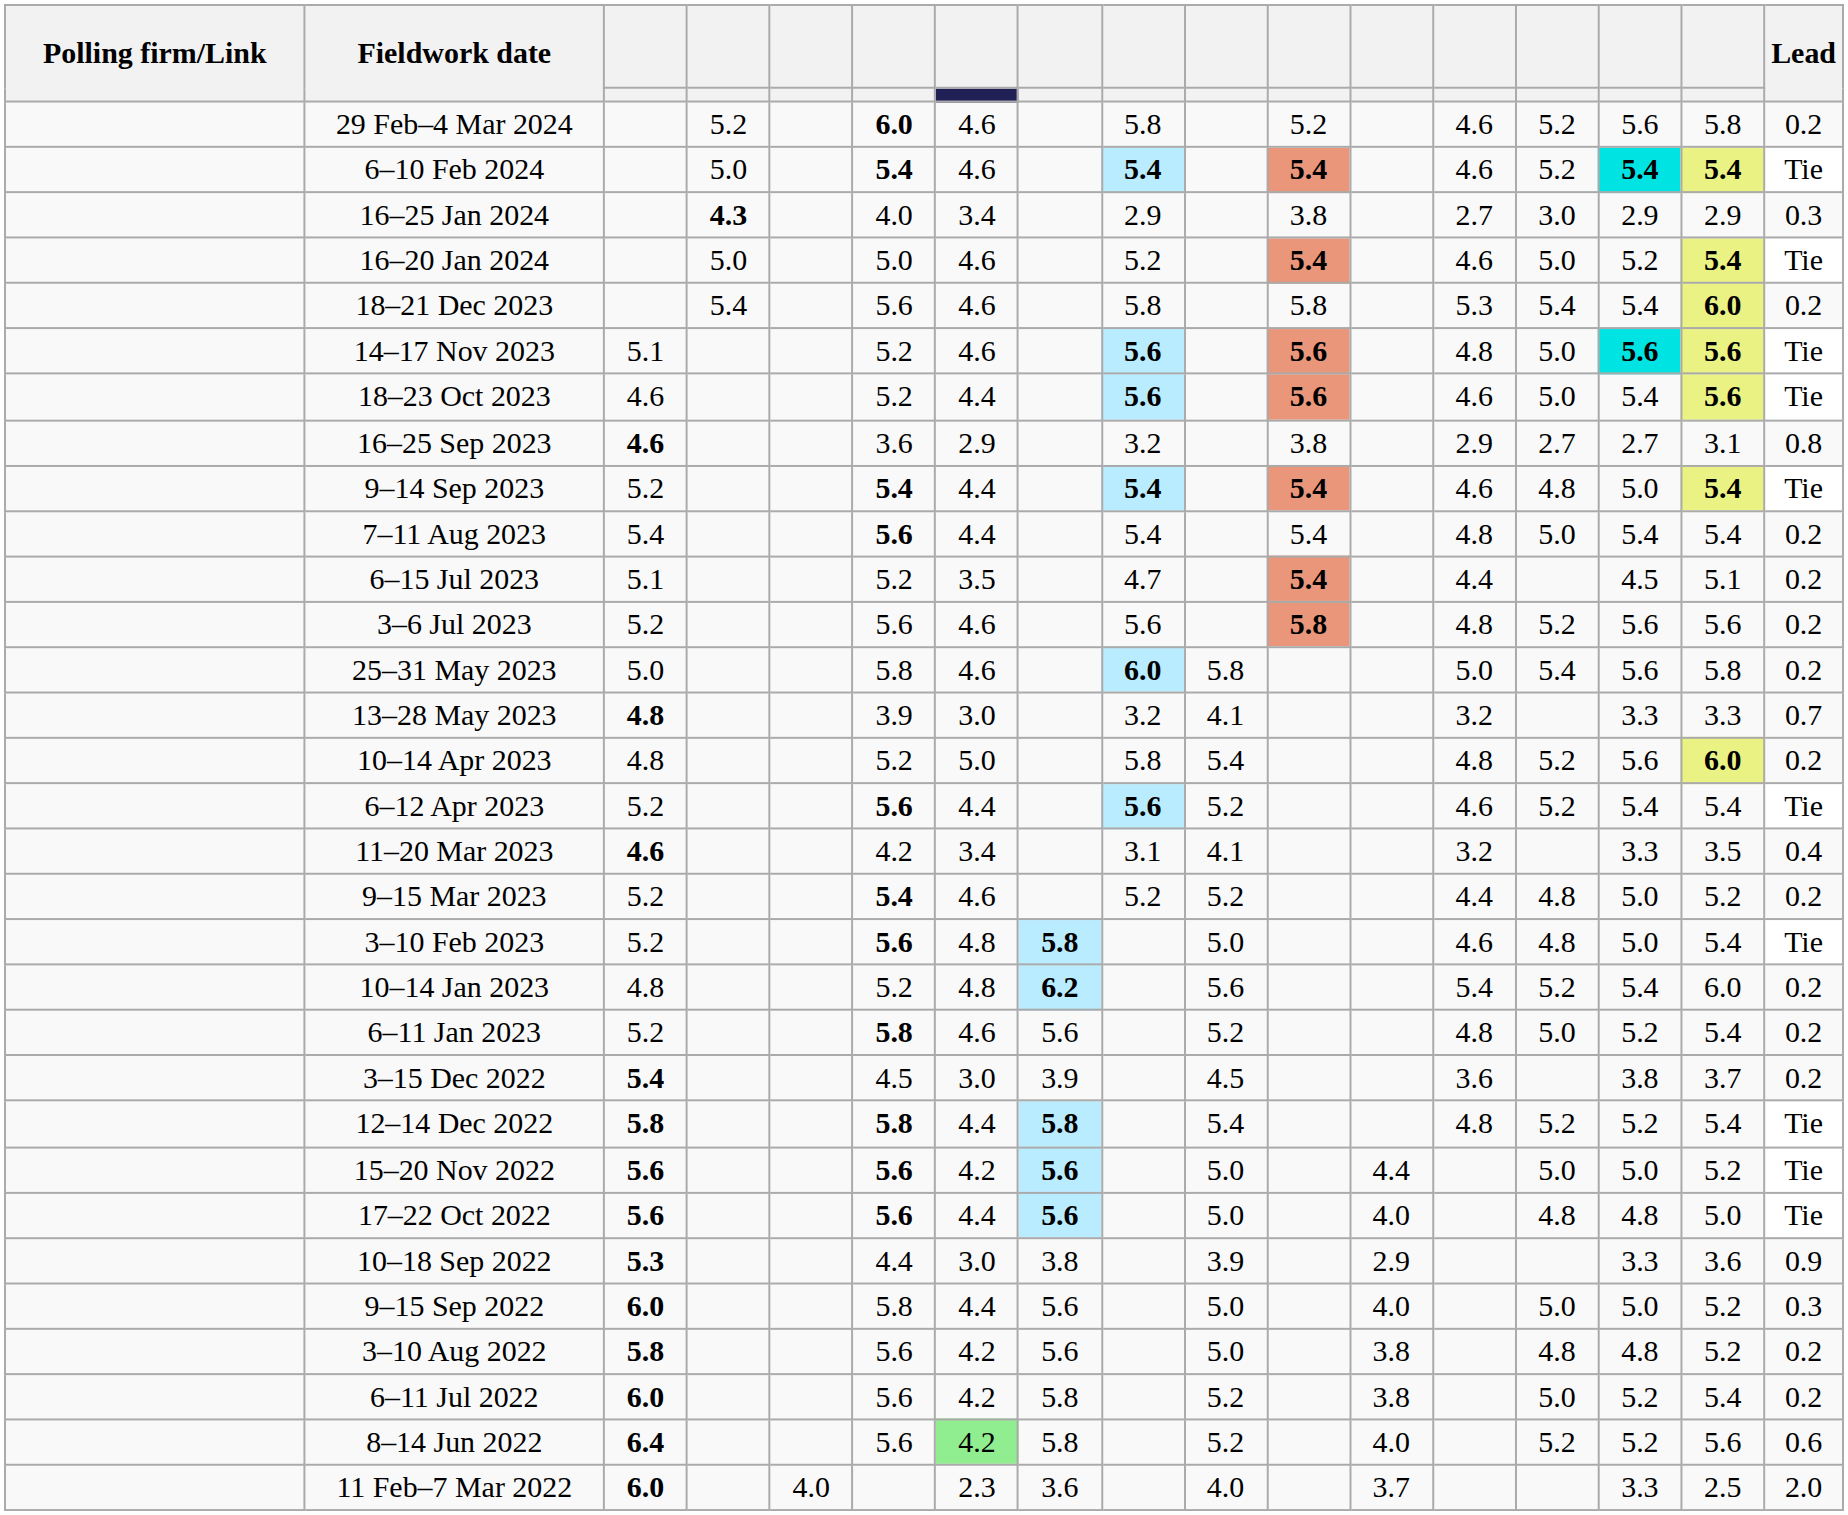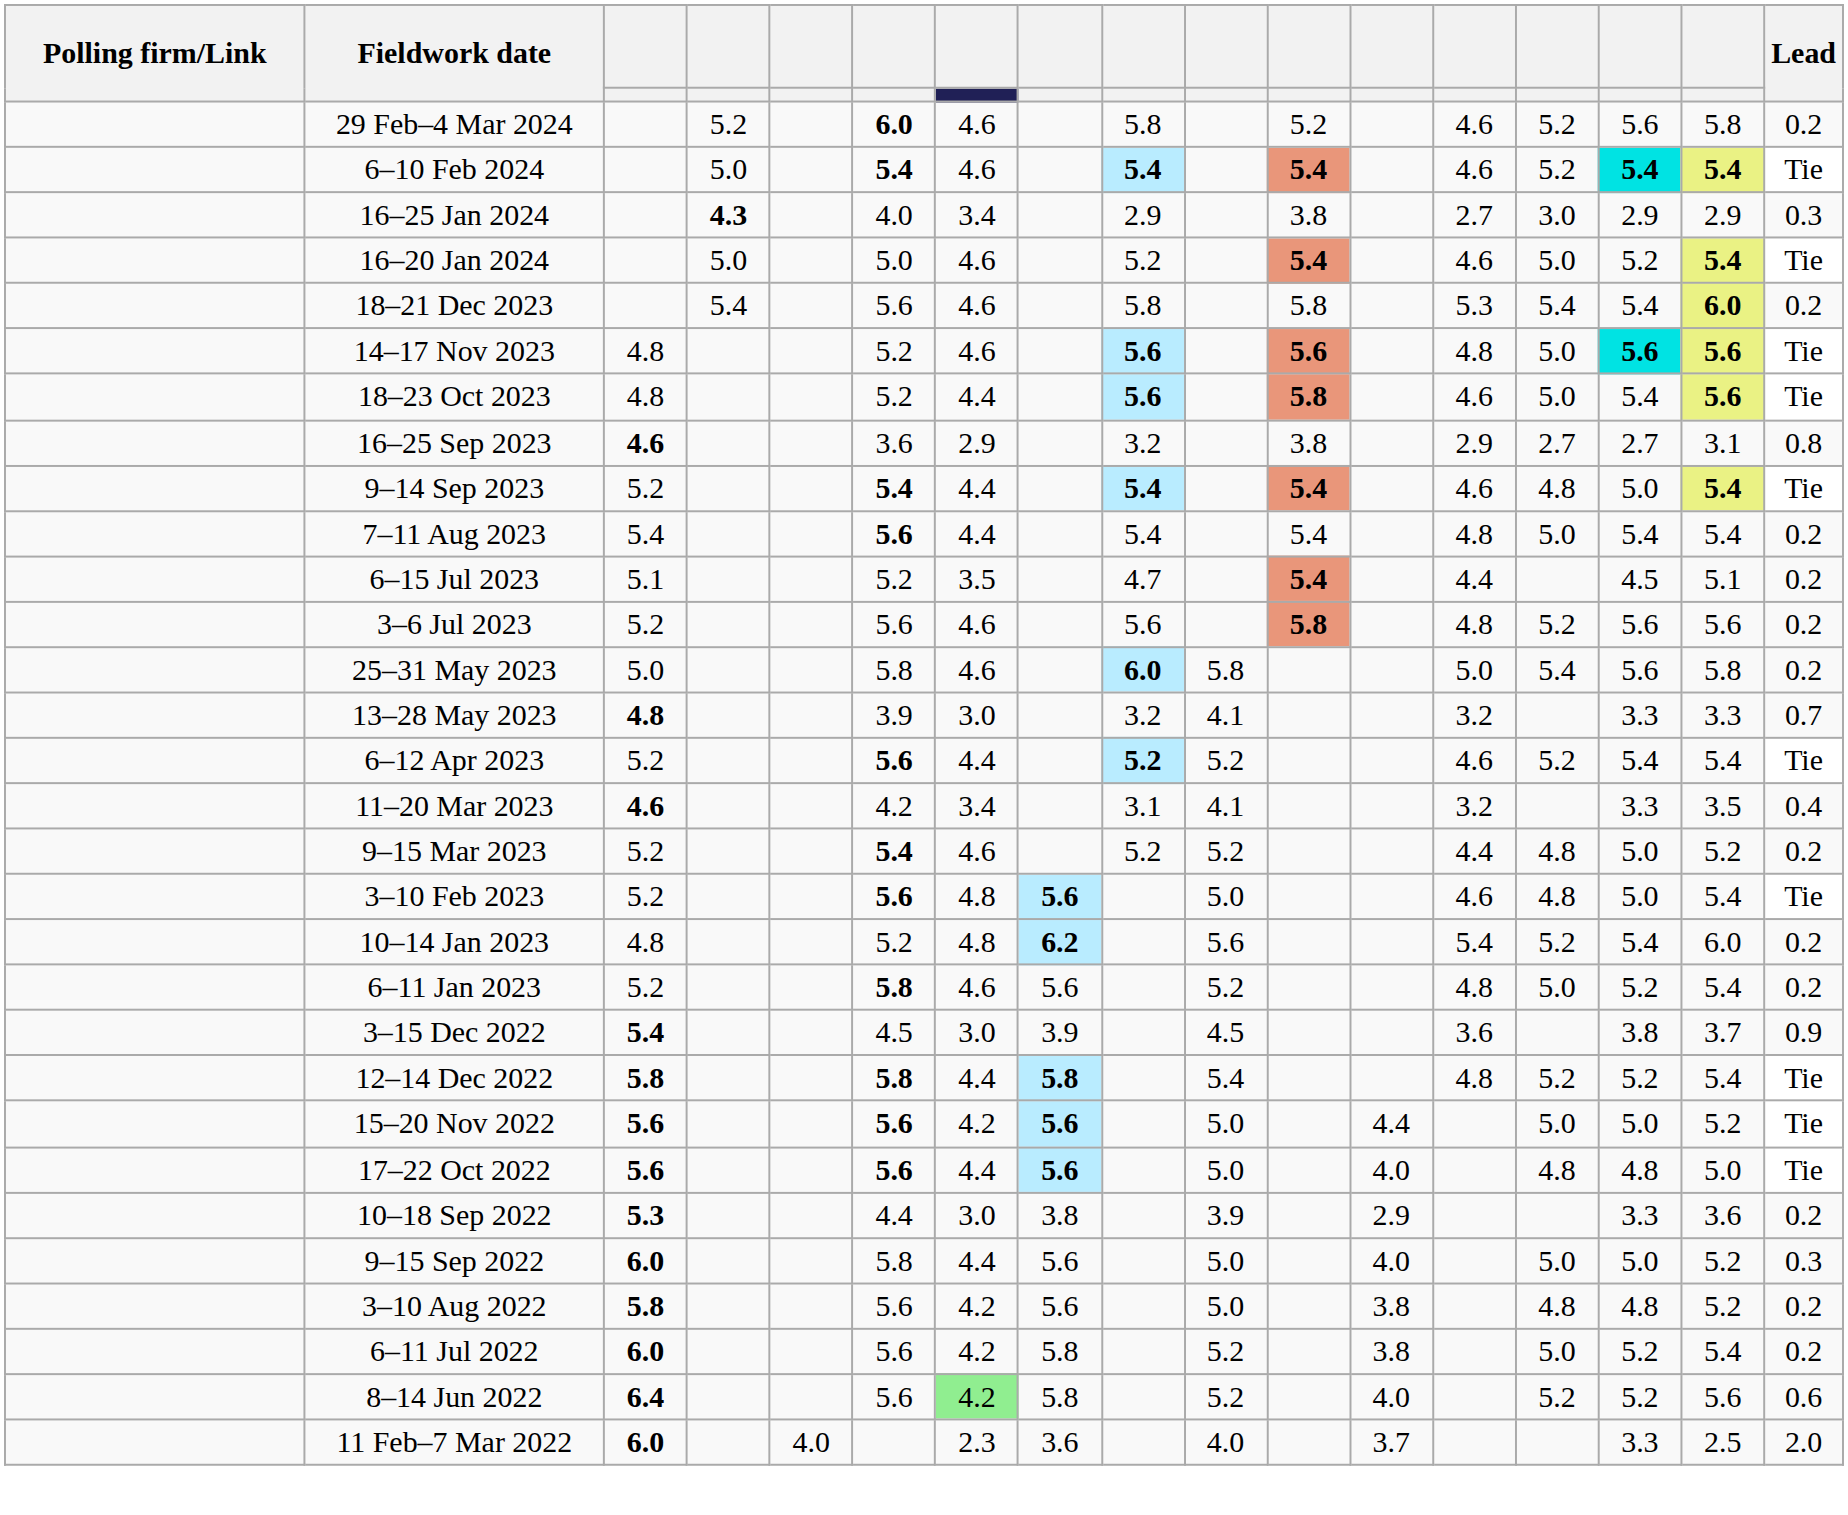 <table class="wikitable sortable mw-datatable" style="text-align:center;font-size:95%;line-height:16px;">
 <tr style="height:42px;">
 <th rowspan="2" style="width:145px;">Polling firm/Link</th>
 <th rowspan="2" style="width:145px;">Fieldwork date</th>
 <th style="width:35px;"></th>
 <th style="width:35px;"></th>
 <th style="width:35px;"></th>
 <th style="width:35px;"></th>
 <th style="width:35px;"></th>
 <th style="width:35px;"></th>
 <th style="width:35px;"></th>
 <th style="width:35px;"></th>
 <th style="width:35px;"></th>
 <th style="width:35px;"></th>
 <th style="width:35px;"></th>
 <th style="width:35px;"></th>
 <th style="width:35px;"></th>
 <th style="width:35px;"></th>
 <th rowspan="2" class="unsortable" style="width:30px;">Lead</th>
 </tr>
 <tr>
 <th style="color:inherit;background:"></th>
 <th style="color:inherit;background:"></th>
 <th style="color:inherit;background:"></th>
 <th style="color:inherit;background:"></th>
 <th style="color:inherit;background:#202056;"></th>
 <th style="color:inherit;background:"></th>
 <th style="color:inherit;background:"></th>
 <th style="color:inherit;background:"></th>
 <th style="color:inherit;background:"></th>
 <th style="color:inherit;background:"></th>
 <th style="color:inherit;background:"></th>
 <th style="color:inherit;background:"></th>
 <th style="color:inherit;background:"></th>
 <th style="color:inherit;background:"></th>
 </tr>
 <tr>
 <td></td>
 <td data-sort-value="2019-10-03">29 Feb–4 Mar 2024</td>
 <td></td>
 <td>5.2</td>
 <td></td>
 <td><strong>6.0</strong></td>
 <td>4.6</td>
 <td></td>
 <td>5.8</td>
 <td></td>
 <td>5.2</td>
 <td></td>
 <td>4.6</td>
 <td>5.2</td>
 <td>5.6</td>
 <td>5.8</td>
 <td style="background:">0.2</td>
 </tr>
 <tr>
 <td></td>
 <td data-sort-value="2019-10-03">6–10 Feb 2024</td>
 <td></td>
 <td>5.0</td>
 <td></td>
 <td><strong>5.4</strong></td>
 <td>4.6</td>
 <td></td>
 <td style="background:#b9ecff;"><strong>5.4</strong></td>
 <td></td>
 <td style="background:#e9967a;"><strong>5.4</strong></td>
 <td></td>
 <td>4.6</td>
 <td>5.2</td>
 <td style="background:#00e3e3;"><strong>5.4</strong></td>
 <td style="background:#eaf284;"><strong>5.4</strong></td>
 <td style="background:white; color:black;">Tie</td>
 </tr>
 <tr>
 <td></td>
 <td>16–25 Jan 2024</td>
 <td></td>
 <td><strong>4.3</strong></td>
 <td></td>
 <td>4.0</td>
 <td>3.4</td>
 <td></td>
 <td>2.9</td>
 <td></td>
 <td>3.8</td>
 <td></td>
 <td>2.7</td>
 <td>3.0</td>
 <td>2.9</td>
 <td>2.9</td>
 <td style="background:">0.3</td>
 </tr>
 <tr>
 <td></td>
 <td data-sort-value="2019-10-03">16–20 Jan 2024</td>
 <td></td>
 <td>5.0</td>
 <td></td>
 <td>5.0</td>
 <td>4.6</td>
 <td></td>
 <td>5.2</td>
 <td></td>
 <td style="background:#e9967a;"><strong>5.4</strong></td>
 <td></td>
 <td>4.6</td>
 <td>5.0</td>
 <td>5.2</td>
 <td style="background:#eaf284;"><strong>5.4</strong></td>
 <td style="background:white; color:black;">Tie</td>
 </tr>
 <tr>
 <td></td>
 <td data-sort-value="2019-10-03">18–21 Dec 2023</td>
 <td></td>
 <td>5.4</td>
 <td></td>
 <td>5.6</td>
 <td>4.6</td>
 <td></td>
 <td>5.8</td>
 <td></td>
 <td>5.8</td>
 <td></td>
 <td>5.3</td>
 <td>5.4</td>
 <td>5.4</td>
 <td style="background:#eaf284;"><strong>6.0</strong></td>
 <td style="background:">0.2</td>
 </tr>
 <tr>
 <td></td>
 <td data-sort-value="2019-10-03">14–17 Nov 2023</td>
-<td>5.1</td>
+<td>4.8</td>
 <td></td>
 <td></td>
 <td>5.2</td>
 <td>4.6</td>
 <td></td>
 <td style="background:#b9ecff;"><strong>5.6</strong></td>
 <td></td>
 <td style="background:#e9967a;"><strong>5.6</strong></td>
 <td></td>
 <td>4.8</td>
 <td>5.0</td>
 <td style="background:#00e3e3;"><strong>5.6</strong></td>
 <td style="background:#eaf284;"><strong>5.6</strong></td>
 <td style="background:white; color:black;">Tie</td>
 </tr>
 <tr>
 <td></td>
 <td data-sort-value="2019-10-03">18–23 Oct 2023</td>
-<td>4.6</td>
+<td>4.8</td>
 <td></td>
 <td></td>
 <td>5.2</td>
 <td>4.4</td>
 <td></td>
 <td style="background:#b9ecff;"><strong>5.6</strong></td>
 <td></td>
-<td style="background:#e9967a;"><strong>5.6</strong></td>
+<td style="background:#e9967a;"><strong>5.8</strong></td>
 <td></td>
 <td>4.6</td>
 <td>5.0</td>
 <td>5.4</td>
 <td style="background:#eaf284;"><strong>5.6</strong></td>
 <td style="background:white; color:black;">Tie</td>
 </tr>
 <tr>
 <td></td>
 <td>16–25 Sep 2023</td>
 <td><strong>4.6</strong></td>
 <td></td>
 <td></td>
 <td>3.6</td>
 <td>2.9</td>
 <td></td>
 <td>3.2</td>
 <td></td>
 <td>3.8</td>
 <td></td>
 <td>2.9</td>
 <td>2.7</td>
 <td>2.7</td>
 <td>3.1</td>
 <td style="background:">0.8</td>
 </tr>
 <tr>
 <td></td>
 <td data-sort-value="2019-10-03">9–14 Sep 2023</td>
 <td>5.2</td>
 <td></td>
 <td></td>
 <td><strong>5.4</strong></td>
 <td>4.4</td>
 <td></td>
 <td style="background:#b9ecff;"><strong>5.4</strong></td>
 <td></td>
 <td style="background:#e9967a;"><strong>5.4</strong></td>
 <td></td>
 <td>4.6</td>
 <td>4.8</td>
 <td>5.0</td>
 <td style="background:#eaf284;"><strong>5.4</strong></td>
 <td style="background:white; color:black;">Tie</td>
 </tr>
 <tr>
 <td></td>
 <td data-sort-value="2019-10-03">7–11 Aug 2023</td>
 <td>5.4</td>
 <td></td>
 <td></td>
 <td><strong>5.6</strong></td>
 <td>4.4</td>
 <td></td>
 <td>5.4</td>
 <td></td>
 <td>5.4</td>
 <td></td>
 <td>4.8</td>
 <td>5.0</td>
 <td>5.4</td>
 <td>5.4</td>
 <td style="background:">0.2</td>
 </tr>
 <tr>
 <td></td>
 <td data-sort-value="2019-10-03">6–15 Jul 2023</td>
 <td>5.1</td>
 <td></td>
 <td></td>
 <td>5.2</td>
 <td>3.5</td>
 <td></td>
 <td>4.7</td>
 <td></td>
 <td style="background:#e9967a;"><strong>5.4</strong></td>
 <td></td>
 <td>4.4</td>
 <td></td>
 <td>4.5</td>
 <td>5.1</td>
 <td style="background:">0.2</td>
 </tr>
 <tr>
 <td></td>
 <td data-sort-value="2019-10-03">3–6 Jul 2023</td>
 <td>5.2</td>
 <td></td>
 <td></td>
 <td>5.6</td>
 <td>4.6</td>
 <td></td>
 <td>5.6</td>
 <td></td>
 <td style="background:#e9967a;"><strong>5.8</strong></td>
 <td></td>
 <td>4.8</td>
 <td>5.2</td>
 <td>5.6</td>
 <td>5.6</td>
 <td style="background:">0.2</td>
 </tr>
 <tr>
 <td></td>
 <td data-sort-value="2019-10-03">25–31 May 2023</td>
 <td>5.0</td>
 <td></td>
 <td></td>
 <td>5.8</td>
 <td>4.6</td>
 <td></td>
 <td style="background:#b9ecff;"><strong>6.0</strong></td>
 <td>5.8</td>
 <td></td>
 <td></td>
 <td>5.0</td>
 <td>5.4</td>
 <td>5.6</td>
 <td>5.8</td>
 <td style="background:">0.2</td>
 </tr>
 <tr>
 <td></td>
 <td>13–28 May 2023</td>
 <td><strong>4.8</strong></td>
 <td></td>
 <td></td>
 <td>3.9</td>
 <td>3.0</td>
 <td></td>
 <td>3.2</td>
 <td>4.1</td>
 <td></td>
 <td></td>
 <td>3.2</td>
 <td></td>
 <td>3.3</td>
 <td>3.3</td>
 <td style="background:">0.7</td>
 </tr>
 <tr>
 <td></td>
-<td>10–14 Apr 2023</td>
-<td>4.8</td>
-<td></td>
-<td></td>
-<td>5.2</td>
-<td>5.0</td>
-<td></td>
-<td>5.8</td>
-<td>5.4</td>
-<td></td>
-<td></td>
-<td>4.8</td>
-<td>5.2</td>
-<td>5.6</td>
-<td style="background:#eaf284;"><strong>6.0</strong></td>
-<td style="background:">0.2</td>
-</tr>
-<tr>
-<td></td>
 <td data-sort-value="2019-10-03">6–12 Apr 2023</td>
 <td>5.2</td>
 <td></td>
 <td></td>
 <td><strong>5.6</strong></td>
 <td>4.4</td>
 <td></td>
-<td style="background:#b9ecff;"><strong>5.6</strong></td>
+<td style="background:#b9ecff;"><strong>5.2</strong></td>
 <td>5.2</td>
 <td></td>
 <td></td>
 <td>4.6</td>
 <td>5.2</td>
 <td>5.4</td>
 <td>5.4</td>
 <td style="background:white; color:black;">Tie</td>
 </tr>
 <tr>
 <td></td>
 <td data-sort-value="2019-10-03">11–20 Mar 2023</td>
 <td><strong>4.6</strong></td>
 <td></td>
 <td></td>
 <td>4.2</td>
 <td>3.4</td>
 <td></td>
 <td>3.1</td>
 <td>4.1</td>
 <td></td>
 <td></td>
 <td>3.2</td>
 <td></td>
 <td>3.3</td>
 <td>3.5</td>
 <td style="background:">0.4</td>
 </tr>
 <tr>
 <td></td>
 <td data-sort-value="2019-10-03">9–15 Mar 2023</td>
 <td>5.2</td>
 <td></td>
 <td></td>
 <td><strong>5.4</strong></td>
 <td>4.6</td>
 <td></td>
 <td>5.2</td>
 <td>5.2</td>
 <td></td>
 <td></td>
 <td>4.4</td>
 <td>4.8</td>
 <td>5.0</td>
 <td>5.2</td>
 <td style="background:">0.2</td>
 </tr>
 <tr>
 <td></td>
 <td data-sort-value="2019-10-03">3–10 Feb 2023</td>
 <td>5.2</td>
 <td></td>
 <td></td>
 <td><strong>5.6</strong></td>
 <td>4.8</td>
-<td style="background:#b9ecff;"><strong>5.8</strong></td>
+<td style="background:#b9ecff;"><strong>5.6</strong></td>
 <td></td>
 <td>5.0</td>
 <td></td>
 <td></td>
 <td>4.6</td>
 <td>4.8</td>
 <td>5.0</td>
 <td>5.4</td>
 <td style="background:white; color:black;">Tie</td>
 </tr>
 <tr>
 <td></td>
 <td>10–14 Jan 2023</td>
 <td>4.8</td>
 <td></td>
 <td></td>
 <td>5.2</td>
 <td>4.8</td>
 <td style="background:#b9ecff;"><strong>6.2</strong></td>
 <td></td>
 <td>5.6</td>
 <td></td>
 <td></td>
 <td>5.4</td>
 <td>5.2</td>
 <td>5.4</td>
 <td>6.0</td>
 <td style="background:">0.2</td>
 </tr>
 <tr>
 <td></td>
 <td data-sort-value="2019-10-03">6–11 Jan 2023</td>
 <td>5.2</td>
 <td></td>
 <td></td>
 <td><strong>5.8</strong></td>
 <td>4.6</td>
 <td>5.6</td>
 <td></td>
 <td>5.2</td>
 <td></td>
 <td></td>
 <td>4.8</td>
 <td>5.0</td>
 <td>5.2</td>
 <td>5.4</td>
 <td style="background:">0.2</td>
 </tr>
 <tr>
 <td></td>
 <td data-sort-value="2019-10-03">3–15 Dec 2022</td>
 <td><strong>5.4</strong></td>
 <td></td>
 <td></td>
 <td>4.5</td>
 <td>3.0</td>
 <td>3.9</td>
 <td></td>
 <td>4.5</td>
 <td></td>
 <td></td>
 <td>3.6</td>
 <td></td>
 <td>3.8</td>
 <td>3.7</td>
-<td style="background:">0.2</td>
+<td style="background:">0.9</td>
 </tr>
 <tr>
 <td></td>
 <td data-sort-value="2019-10-03">12–14 Dec 2022</td>
 <td><strong>5.8</strong></td>
 <td></td>
 <td></td>
 <td><strong>5.8</strong></td>
 <td>4.4</td>
 <td style="background:#b9ecff;"><strong>5.8</strong></td>
 <td></td>
 <td>5.4</td>
 <td></td>
 <td></td>
 <td>4.8</td>
 <td>5.2</td>
 <td>5.2</td>
 <td>5.4</td>
 <td style="background:white; color:black;">Tie</td>
 </tr>
 <tr>
 <td></td>
 <td data-sort-value="2019-10-03">15–20 Nov 2022</td>
 <td><strong>5.6</strong></td>
 <td></td>
 <td></td>
 <td><strong>5.6</strong></td>
 <td>4.2</td>
 <td style="background:#b9ecff;"><strong>5.6</strong></td>
 <td></td>
 <td>5.0</td>
 <td></td>
 <td>4.4</td>
 <td></td>
 <td>5.0</td>
 <td>5.0</td>
 <td>5.2</td>
 <td style="background:white; color:black;">Tie</td>
 </tr>
 <tr>
 <td></td>
 <td data-sort-value="2019-10-03">17–22 Oct 2022</td>
 <td><strong>5.6</strong></td>
 <td></td>
 <td></td>
 <td><strong>5.6</strong></td>
 <td>4.4</td>
 <td style="background:#b9ecff;"><strong>5.6</strong></td>
 <td></td>
 <td>5.0</td>
 <td></td>
 <td>4.0</td>
 <td></td>
 <td>4.8</td>
 <td>4.8</td>
 <td>5.0</td>
 <td style="background:white; color:black;">Tie</td>
 </tr>
 <tr>
 <td></td>
 <td data-sort-value="2019-10-03">10–18 Sep 2022</td>
 <td><strong>5.3</strong></td>
 <td></td>
 <td></td>
 <td>4.4</td>
 <td>3.0</td>
 <td>3.8</td>
 <td></td>
 <td>3.9</td>
 <td></td>
 <td>2.9</td>
 <td></td>
 <td></td>
 <td>3.3</td>
 <td>3.6</td>
-<td style="background:">0.9</td>
+<td style="background:">0.2</td>
 </tr>
 <tr>
 <td></td>
 <td data-sort-value="2019-10-03">9–15 Sep 2022</td>
 <td><strong>6.0</strong></td>
 <td></td>
 <td></td>
 <td>5.8</td>
 <td>4.4</td>
 <td>5.6</td>
 <td></td>
 <td>5.0</td>
 <td></td>
 <td>4.0</td>
 <td></td>
 <td>5.0</td>
 <td>5.0</td>
 <td>5.2</td>
 <td style="background:">0.3</td>
 </tr>
 <tr>
 <td></td>
 <td data-sort-value="2019-10-03">3–10 Aug 2022</td>
 <td><strong>5.8</strong></td>
 <td></td>
 <td></td>
 <td>5.6</td>
 <td>4.2</td>
 <td>5.6</td>
 <td></td>
 <td>5.0</td>
 <td></td>
 <td>3.8</td>
 <td></td>
 <td>4.8</td>
 <td>4.8</td>
 <td>5.2</td>
 <td style="background:">0.2</td>
 </tr>
 <tr>
 <td></td>
 <td data-sort-value="2019-10-03">6–11 Jul 2022</td>
 <td><strong>6.0</strong></td>
 <td></td>
 <td></td>
 <td>5.6</td>
 <td>4.2</td>
 <td>5.8</td>
 <td></td>
 <td>5.2</td>
 <td></td>
 <td>3.8</td>
 <td></td>
 <td>5.0</td>
 <td>5.2</td>
 <td>5.4</td>
 <td style="background:">0.2</td>
 </tr>
 <tr>
 <td></td>
 <td data-sort-value="2019-10-03">8–14 Jun 2022</td>
 <td><strong>6.4</strong></td>
 <td></td>
 <td></td>
 <td>5.6</td>
 <td style="background: lightgreen;">4.2</td>
 <td>5.8</td>
 <td></td>
 <td>5.2</td>
 <td></td>
 <td>4.0</td>
 <td></td>
 <td>5.2</td>
 <td>5.2</td>
 <td>5.6</td>
 <td style="background:">0.6</td>
 </tr>
 <tr>
 <td></td>
 <td>11 Feb–7 Mar 2022</td>
 <td><strong>6.0</strong></td>
 <td></td>
 <td>4.0</td>
 <td></td>
 <td>2.3</td>
 <td>3.6</td>
 <td></td>
 <td>4.0</td>
 <td></td>
 <td>3.7</td>
 <td></td>
 <td></td>
 <td>3.3</td>
 <td>2.5</td>
 <td style="background:">2.0</td>
 </tr>
 </table>
